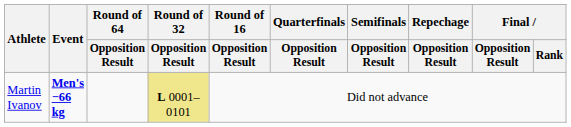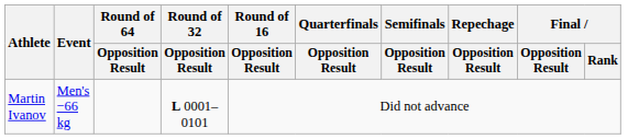 <table class="wikitable" style="font-size:90%">
 <tr>
 <th rowspan="2">Athlete</th>
 <th rowspan="2">Event</th>
 <th>Round of 64</th>
 <th>Round of 32</th>
 <th>Round of 16</th>
 <th>Quarterfinals</th>
 <th>Semifinals</th>
 <th>Repechage</th>
 <th colspan=2>Final / </th>
 </tr>
 <tr style="font-size:95%">
 <th>Opposition<br>Result</th>
 <th>Opposition<br>Result</th>
 <th>Opposition<br>Result</th>
 <th>Opposition<br>Result</th>
 <th>Opposition<br>Result</th>
 <th>Opposition<br>Result</th>
 <th>Opposition<br>Result</th>
 <th>Rank</th>
 </tr>
 <tr align=center>
 <td align=left><a href='#'>Martin Ivanov</a></td>
-<td align=left><strong><a href='#'>Men's −66 kg</a></strong></td>
+<td align=left><a href='#'>Men's −66 kg</a></td>
 <td></td>
-<td style="background: khaki;"><br><strong>L</strong> 0001–0101</td>
+<td><br><strong>L</strong> 0001–0101</td>
 <td colspan=6>Did not advance</td>
 </tr>
 </table>
